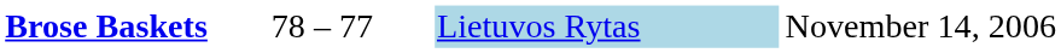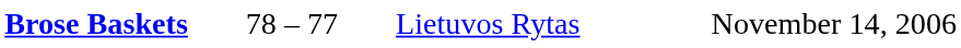 <table style="text-align:center">
 <tr>
 <th width=160></th>
 <th width=100></th>
 <th width=160></th>
 <th width=200></th>
 </tr>
 <tr>
 <td align=right><strong><a href='#'>Brose Baskets</a></strong> </td>
 <td>78 – 77</td>
-<td align=left style="background: lightblue;"> <a href='#'>Lietuvos Rytas</a></td>
+<td align=left> <a href='#'>Lietuvos Rytas</a></td>
 <td align=left>November 14, 2006</td>
 </tr>
 </table>
